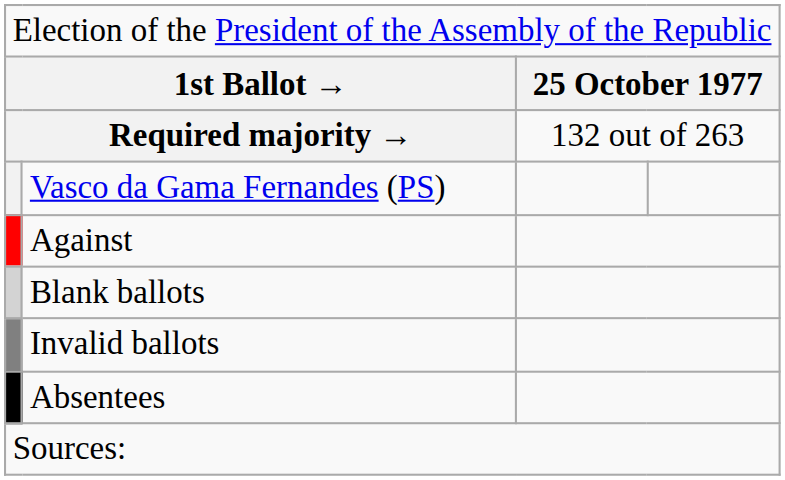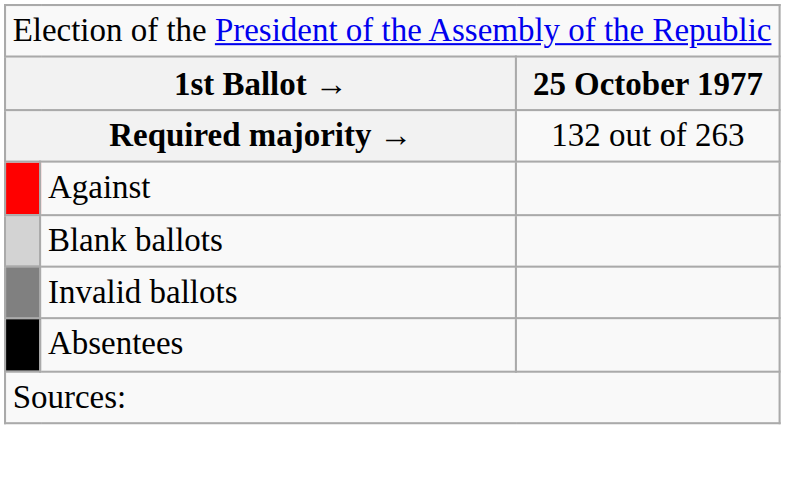 <table class="wikitable" style="text-align:center;">
 <tr>
 <td colspan="4" align="center">Election of the <a href='#'>President of the Assembly of the Republic</a></td>
 </tr>
 <tr>
 <th colspan="2" width="225px">1st Ballot →</th>
 <th colspan="2">25 October 1977</th>
 </tr>
 <tr>
 <th colspan="2">Required majority →</th>
 <td colspan="2">132 out of 263</td>
-</tr>
-<tr>
-<th width="1px" style="background:"></th>
-<td align="left"><a href='#'>Vasco da Gama Fernandes</a> (<a href='#'>PS</a>)</td>
-<td></td>
-<td></td>
 </tr>
 <tr>
 <th style="background:red;"></th>
 <td align="left">Against</td>
 <td colspan="2"></td>
 </tr>
 <tr>
 <th style="background:lightgray;"></th>
 <td align="left">Blank ballots</td>
 <td colspan="2"></td>
 </tr>
 <tr>
 <th style="background:gray;"></th>
 <td align="left">Invalid ballots</td>
 <td colspan="2"></td>
 </tr>
 <tr>
 <th style="background:black;"></th>
 <td align="left">Absentees</td>
 <td colspan="2"></td>
 </tr>
 <tr>
 <td align="left" colspan="4">Sources:</td>
 </tr>
 </table>
